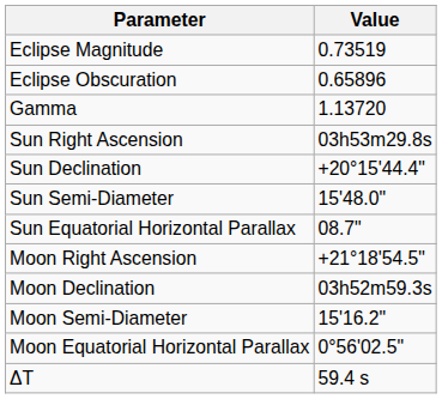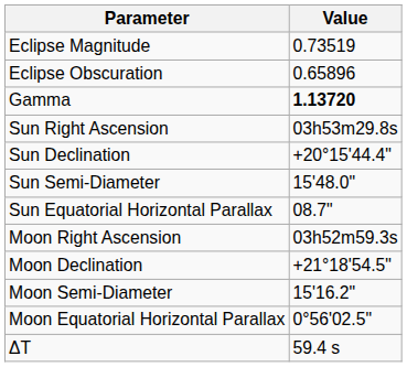 <table class="wikitable">
 <tr>
 <th>Parameter</th>
 <th>Value</th>
 </tr>
 <tr>
 <td>Eclipse Magnitude</td>
 <td>0.73519</td>
 </tr>
 <tr>
 <td>Eclipse Obscuration</td>
 <td>0.65896</td>
 </tr>
 <tr>
 <td>Gamma</td>
-<td>1.13720</td>
+<td><strong>1.13720</strong></td>
 </tr>
 <tr>
 <td>Sun Right Ascension</td>
 <td>03h53m29.8s</td>
 </tr>
 <tr>
 <td>Sun Declination</td>
 <td>+20°15'44.4"</td>
 </tr>
 <tr>
 <td>Sun Semi-Diameter</td>
 <td>15'48.0"</td>
 </tr>
 <tr>
 <td>Sun Equatorial Horizontal Parallax</td>
 <td>08.7"</td>
 </tr>
 <tr>
 <td>Moon Right Ascension</td>
-<td>+21°18'54.5"</td>
+<td>03h52m59.3s</td>
 </tr>
 <tr>
 <td>Moon Declination</td>
-<td>03h52m59.3s</td>
+<td>+21°18'54.5"</td>
 </tr>
 <tr>
 <td>Moon Semi-Diameter</td>
 <td>15'16.2"</td>
 </tr>
 <tr>
 <td>Moon Equatorial Horizontal Parallax</td>
 <td>0°56'02.5"</td>
 </tr>
 <tr>
 <td>ΔT</td>
 <td>59.4 s</td>
 </tr>
 </table>
